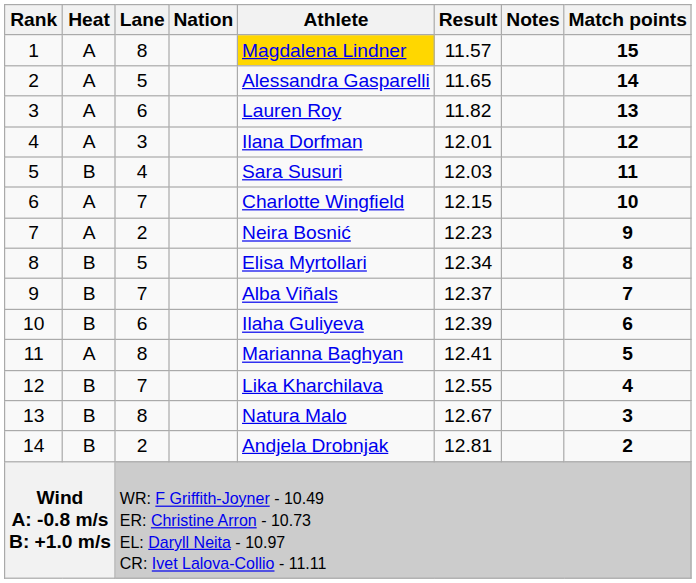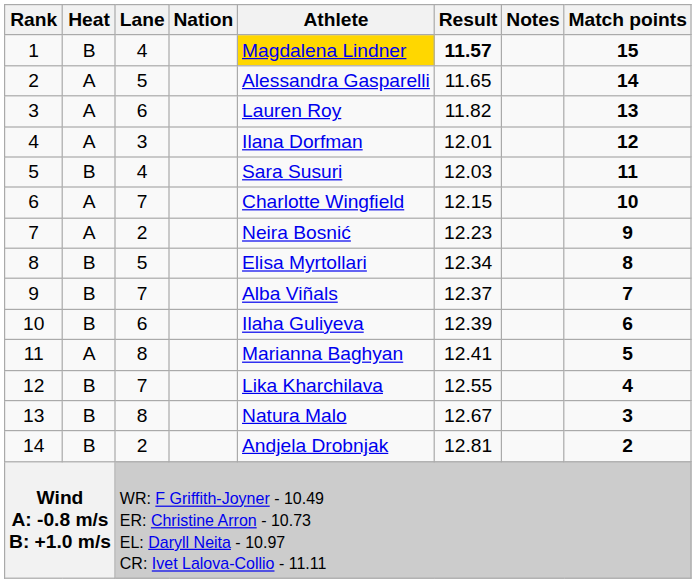 <table class="wikitable sortable" style="text-align:left;">
 <tr>
 <th>Rank</th>
 <th>Heat</th>
 <th>Lane</th>
 <th>Nation</th>
 <th>Athlete</th>
 <th>Result</th>
 <th>Notes</th>
 <th>Match points</th>
 </tr>
 <tr>
 <td align=center>1</td>
-<td align=center>A</td>
-<td align=center>8</td>
+<td align=center>B</td>
+<td align=center>4</td>
 <td></td>
 <td style="background: gold;"><a href='#'>Magdalena Lindner</a></td>
-<td align=center>11.57</td>
+<td align=center><strong>11.57</strong></td>
 <td></td>
 <td align=center><strong>15</strong></td>
 </tr>
 <tr>
 <td align=center>2</td>
 <td align=center>A</td>
 <td align=center>5</td>
 <td></td>
 <td><a href='#'>Alessandra Gasparelli</a></td>
 <td align=center>11.65</td>
 <td align=center></td>
 <td align=center><strong>14</strong></td>
 </tr>
 <tr>
 <td align=center>3</td>
 <td align=center>A</td>
 <td align=center>6</td>
 <td></td>
 <td><a href='#'>Lauren Roy</a></td>
 <td align=center>11.82</td>
 <td></td>
 <td align=center><strong>13</strong></td>
 </tr>
 <tr>
 <td align=center>4</td>
 <td align=center>A</td>
 <td align=center>3</td>
 <td></td>
 <td><a href='#'>Ilana Dorfman</a></td>
 <td align=center>12.01</td>
 <td></td>
 <td align=center><strong>12</strong></td>
 </tr>
 <tr>
 <td align=center>5</td>
 <td align=center>B</td>
 <td align=center>4</td>
 <td></td>
 <td><a href='#'>Sara Susuri</a></td>
 <td align=center>12.03</td>
 <td align=center></td>
 <td align=center><strong>11</strong></td>
 </tr>
 <tr>
 <td align=center>6</td>
 <td align=center>A</td>
 <td align=center>7</td>
 <td></td>
 <td><a href='#'>Charlotte Wingfield</a></td>
 <td align=center>12.15</td>
 <td></td>
 <td align=center><strong>10</strong></td>
 </tr>
 <tr>
 <td align=center>7</td>
 <td align=center>A</td>
 <td align=center>2</td>
 <td></td>
 <td><a href='#'>Neira Bosnić</a></td>
 <td align=center>12.23</td>
 <td></td>
 <td align=center><strong>9</strong></td>
 </tr>
 <tr>
 <td align=center>8</td>
 <td align=center>B</td>
 <td align=center>5</td>
 <td></td>
 <td><a href='#'>Elisa Myrtollari</a></td>
 <td align=center>12.34</td>
 <td align=center></td>
 <td align=center><strong>8</strong></td>
 </tr>
 <tr>
 <td align=center>9</td>
 <td align=center>B</td>
 <td align=center>7</td>
 <td></td>
 <td><a href='#'>Alba Viñals</a></td>
 <td align=center>12.37</td>
 <td align=center></td>
 <td align=center><strong>7</strong></td>
 </tr>
 <tr>
 <td align=center>10</td>
 <td align=center>B</td>
 <td align=center>6</td>
 <td></td>
 <td><a href='#'>Ilaha Guliyeva</a></td>
 <td align=center>12.39</td>
 <td align=center></td>
 <td align=center><strong>6</strong></td>
 </tr>
 <tr>
 <td align=center>11</td>
 <td align=center>A</td>
 <td align=center>8</td>
 <td></td>
 <td><a href='#'>Marianna Baghyan</a></td>
 <td align=center>12.41</td>
 <td align=center></td>
 <td align=center><strong>5</strong></td>
 </tr>
 <tr>
 <td align=center>12</td>
 <td align=center>B</td>
 <td align=center>7</td>
 <td></td>
 <td><a href='#'>Lika Kharchilava</a></td>
 <td align=center>12.55</td>
 <td align=center></td>
 <td align=center><strong>4</strong></td>
 </tr>
 <tr>
 <td align=center>13</td>
 <td align=center>B</td>
 <td align=center>8</td>
 <td></td>
 <td><a href='#'>Natura Malo</a></td>
 <td align=center>12.67</td>
 <td align=center></td>
 <td align=center><strong>3</strong></td>
 </tr>
 <tr>
 <td align=center>14</td>
 <td align=center>B</td>
 <td align=center>2</td>
 <td></td>
 <td><a href='#'>Andjela Drobnjak</a></td>
 <td align=center>12.81</td>
 <td align=center></td>
 <td align=center><strong>2</strong></td>
 </tr>
 <tr>
 <th colspan=2>Wind<br>A: -0.8 m/s<br>B: +1.0 m/s</th>
 <td colspan="6" bgcolor="#cccccc"><br> <small>WR:   <a href='#'>F Griffith-Joyner</a> - 10.49<br>ER:  <a href='#'>Christine Arron</a> - 10.73<br></small> <small>EL:   <a href='#'>Daryll Neita</a> - 10.97<br>CR:  <a href='#'>Ivet Lalova-Collio</a> - 11.11</small></td>
 </tr>
 </table>
